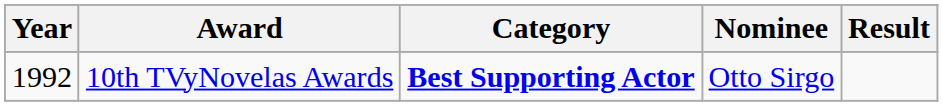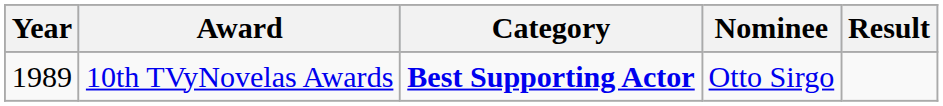 <table class="wikitable">
 <tr style="background:#b0c4de;">
 <th>Year</th>
 <th>Award</th>
 <th>Category</th>
 <th>Nominee</th>
 <th>Result</th>
 </tr>
 <tr>
-<td>1992</td>
+<td>1989</td>
 <td><a href='#'>10th TVyNovelas Awards</a></td>
 <td><strong><a href='#'>Best Supporting Actor</a></strong></td>
 <td><a href='#'>Otto Sirgo</a></td>
 <td></td>
 </tr>
 </table>
